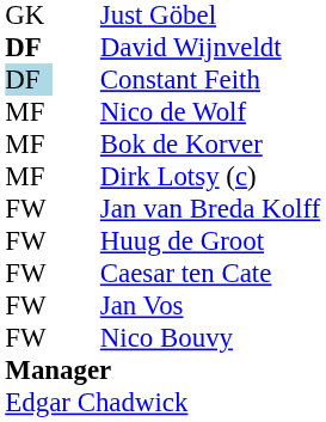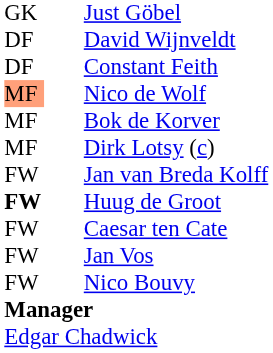 <table cellspacing="0" cellpadding="0" style="font-size:90%; margin:0.2em auto;">
 <tr>
 <th width="25"></th>
 <th width="25"></th>
 </tr>
 <tr>
 <td>GK</td>
 <td></td>
 <td><a href='#'>Just Göbel</a></td>
 </tr>
 <tr>
-<td><strong>DF</strong></td>
+<td>DF</td>
 <td></td>
 <td><a href='#'>David Wijnveldt</a></td>
 </tr>
 <tr>
-<td style="background: lightblue;">DF</td>
+<td>DF</td>
 <td></td>
 <td><a href='#'>Constant Feith</a></td>
 </tr>
 <tr>
-<td>MF</td>
+<td style="background: lightsalmon;">MF</td>
 <td></td>
 <td><a href='#'>Nico de Wolf</a></td>
 </tr>
 <tr>
 <td>MF</td>
 <td></td>
 <td><a href='#'>Bok de Korver</a></td>
 </tr>
 <tr>
 <td>MF</td>
 <td></td>
 <td><a href='#'>Dirk Lotsy</a> (<a href='#'>c</a>)</td>
 </tr>
 <tr>
 <td>FW</td>
 <td></td>
 <td><a href='#'>Jan van Breda Kolff</a></td>
 </tr>
 <tr>
-<td>FW</td>
+<td><strong>FW</strong></td>
 <td></td>
 <td><a href='#'>Huug de Groot</a></td>
 </tr>
 <tr>
 <td>FW</td>
 <td></td>
 <td><a href='#'>Caesar ten Cate</a></td>
 </tr>
 <tr>
 <td>FW</td>
 <td></td>
 <td><a href='#'>Jan Vos</a></td>
 </tr>
 <tr>
 <td>FW</td>
 <td></td>
 <td><a href='#'>Nico Bouvy</a></td>
 </tr>
 <tr>
 <td colspan=3><strong>Manager</strong></td>
 </tr>
 <tr>
 <td colspan=4> <a href='#'>Edgar Chadwick</a></td>
 </tr>
 </table>
